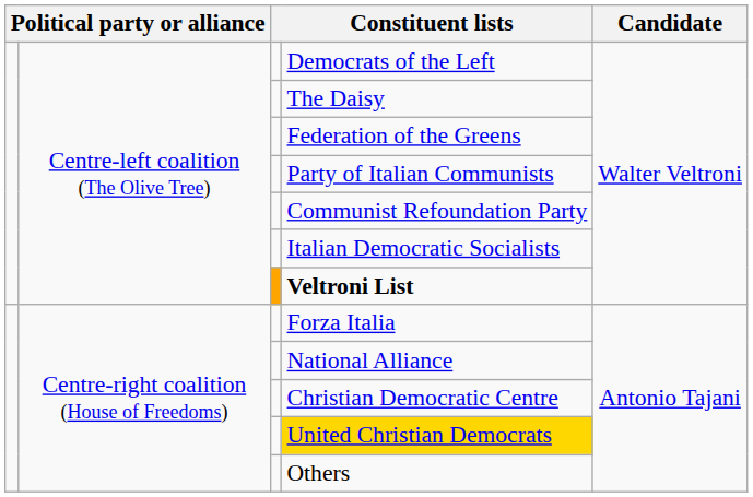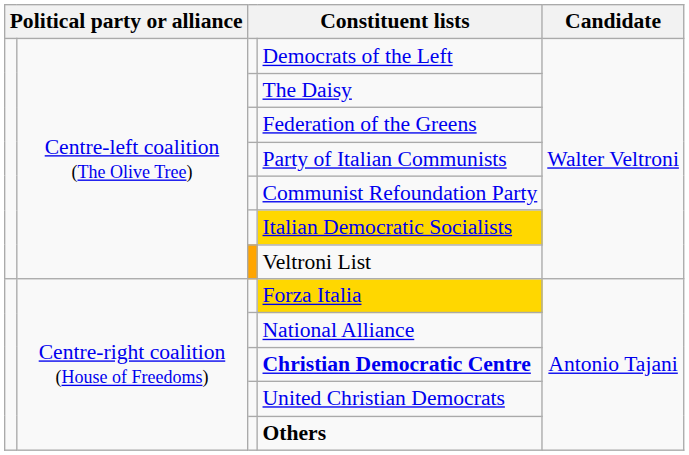 <table class=wikitable style="text-align:left">
 <tr>
 <th colspan=2>Political party or alliance</th>
 <th colspan=2>Constituent lists</th>
 <th>Candidate</th>
 </tr>
 <tr>
 <td rowspan=7 style="background-color:"></td>
 <td rowspan=7 style="text-align:center;"><a href='#'>Centre-left coalition</a><br><small>(<a href='#'>The Olive Tree</a>)</small></td>
 <td></td>
 <td style="text-align:left;"><a href='#'>Democrats of the Left</a></td>
 <td rowspan=7 style="text-align:center;"><a href='#'>Walter Veltroni</a></td>
 </tr>
 <tr>
 <td></td>
 <td style="text-align:left;"><a href='#'>The Daisy</a></td>
 </tr>
 <tr>
 <td></td>
 <td style="text-align:left;"><a href='#'>Federation of the Greens</a></td>
 </tr>
 <tr>
 <td></td>
 <td style="text-align:left;"><a href='#'>Party of Italian Communists</a></td>
 </tr>
 <tr>
 <td></td>
 <td style="text-align:left;"><a href='#'>Communist Refoundation Party</a></td>
 </tr>
 <tr>
 <td></td>
-<td style="text-align:left;"><a href='#'>Italian Democratic Socialists</a></td>
+<td style="background: gold; text-align:left;"><a href='#'>Italian Democratic Socialists</a></td>
 </tr>
 <tr>
 <td bgcolor=#FFA500></td>
-<td style="text-align=left;"><strong>Veltroni List</strong></td>
+<td style="text-align=left;">Veltroni List</td>
 </tr>
 <tr>
 <td rowspan=5 style="background-color:"></td>
 <td rowspan=5 style="text-align:center;"><a href='#'>Centre-right coalition</a><br><small>(<a href='#'>House of Freedoms</a>)</small></td>
 <td></td>
-<td style="text-align:left;"><a href='#'>Forza Italia</a></td>
+<td style="background: gold; text-align:left;"><a href='#'>Forza Italia</a></td>
 <td rowspan=5 style="text-align:center;"><a href='#'>Antonio Tajani</a></td>
 </tr>
 <tr>
 <td></td>
 <td style="text-align:left;"><a href='#'>National Alliance</a></td>
 </tr>
 <tr>
 <td></td>
-<td style="text-align:left;"><a href='#'>Christian Democratic Centre</a></td>
+<td style="text-align:left;"><strong><a href='#'>Christian Democratic Centre</a></strong></td>
 </tr>
 <tr>
 <td></td>
-<td style="background: gold; text-align:left;"><a href='#'>United Christian Democrats</a></td>
+<td style="text-align:left;"><a href='#'>United Christian Democrats</a></td>
 </tr>
 <tr>
 <td></td>
-<td style="text-align:left;">Others</td>
+<td style="text-align:left;"><strong>Others</strong></td>
 </tr>
 </table>
